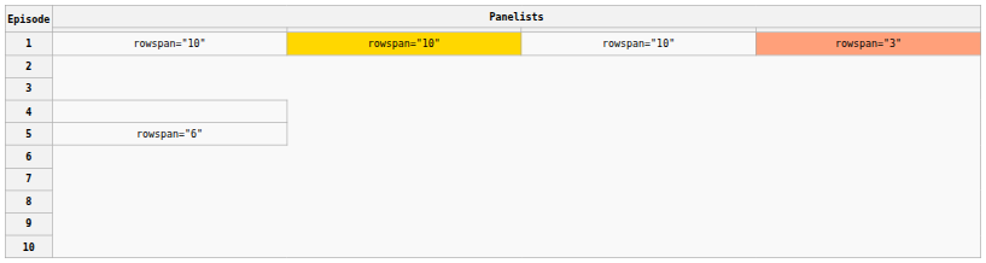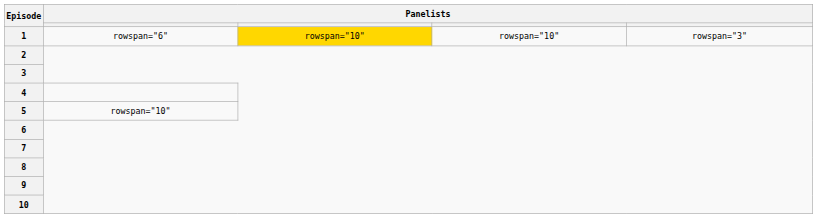 <table class="wikitable plainrowheaders mw-collapsible" style="text-align:center; line-height:23px; width:100%;">
 <tr>
 <th rowspan="2" width="1%">Episode</th>
 <th colspan="4">Panelists</th>
 </tr>
 <tr>
 <th width="25%"></th>
 <th width="25%"></th>
 <th width="25%"></th>
 <th width="25%"></th>
 </tr>
 <tr>
 <th>1</th>
-<td>rowspan="10" </td>
+<td>rowspan="6" </td>
 <td style="background: gold;">rowspan="10" </td>
 <td>rowspan="10" </td>
-<td style="background: lightsalmon;">rowspan="3" </td>
+<td>rowspan="3" </td>
 </tr>
 <tr>
 <th>2</th>
 </tr>
 <tr>
 <th>3</th>
 </tr>
 <tr>
 <th>4</th>
 <td></td>
 </tr>
 <tr>
 <th>5</th>
-<td>rowspan="6" </td>
+<td>rowspan="10" </td>
 </tr>
 <tr>
 <th>6</th>
 </tr>
 <tr>
 <th>7</th>
 </tr>
 <tr>
 <th>8</th>
 </tr>
 <tr>
 <th>9</th>
 </tr>
 <tr>
 <th>10</th>
 </tr>
 </table>
